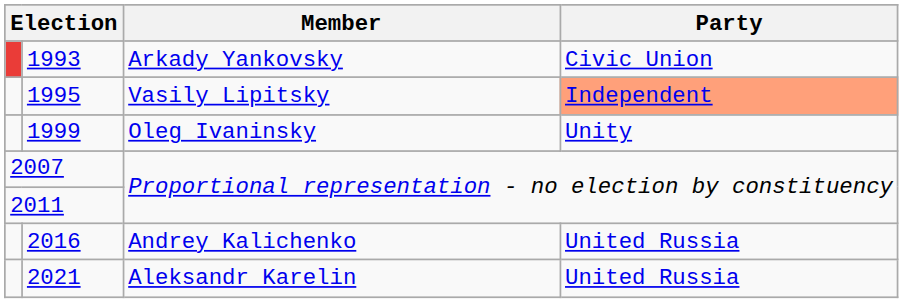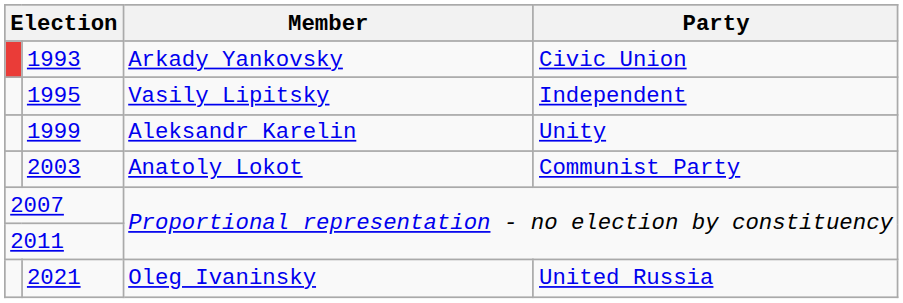 <table class="wikitable">
 <tr>
 <th colspan="2">Election</th>
 <th>Member</th>
 <th>Party</th>
 </tr>
 <tr>
 <td style="background-color:#EA3C38"></td>
 <td><a href='#'>1993</a></td>
 <td><a href='#'>Arkady Yankovsky</a></td>
 <td><a href='#'>Civic Union</a></td>
 </tr>
 <tr>
 <td style="background-color:"></td>
 <td><a href='#'>1995</a></td>
 <td><a href='#'>Vasily Lipitsky</a></td>
-<td style="background: lightsalmon;"><a href='#'>Independent</a></td>
+<td><a href='#'>Independent</a></td>
 </tr>
 <tr>
 <td style="background-color:"></td>
 <td><a href='#'>1999</a></td>
-<td><a href='#'>Oleg Ivaninsky</a></td>
+<td><a href='#'>Aleksandr Karelin</a></td>
 <td><a href='#'>Unity</a></td>
+</tr>
+<tr>
+<td style="background-color:"></td>
+<td><a href='#'>2003</a></td>
+<td><a href='#'>Anatoly Lokot</a></td>
+<td><a href='#'>Communist Party</a></td>
 </tr>
 <tr>
 <td colspan=2><a href='#'>2007</a></td>
 <td colspan=2 rowspan=2><em><a href='#'>Proportional representation</a> - no election by constituency</em></td>
 </tr>
 <tr>
 <td colspan=2><a href='#'>2011</a></td>
 </tr>
 <tr>
 <td style="background-color: "></td>
-<td><a href='#'>2016</a></td>
-<td><a href='#'>Andrey Kalichenko</a></td>
-<td><a href='#'>United Russia</a></td>
-</tr>
-<tr>
-<td style="background-color: "></td>
 <td><a href='#'>2021</a></td>
-<td><a href='#'>Aleksandr Karelin</a></td>
+<td><a href='#'>Oleg Ivaninsky</a></td>
 <td><a href='#'>United Russia</a></td>
 </tr>
 </table>
